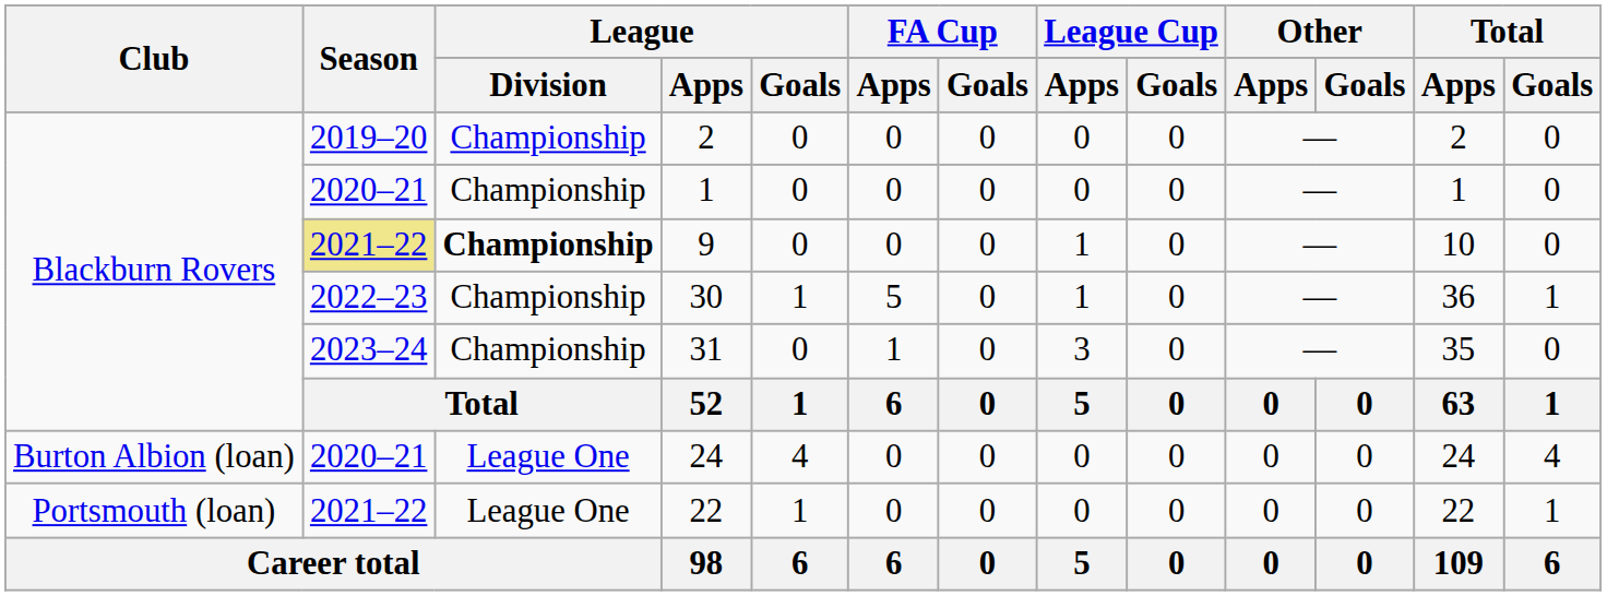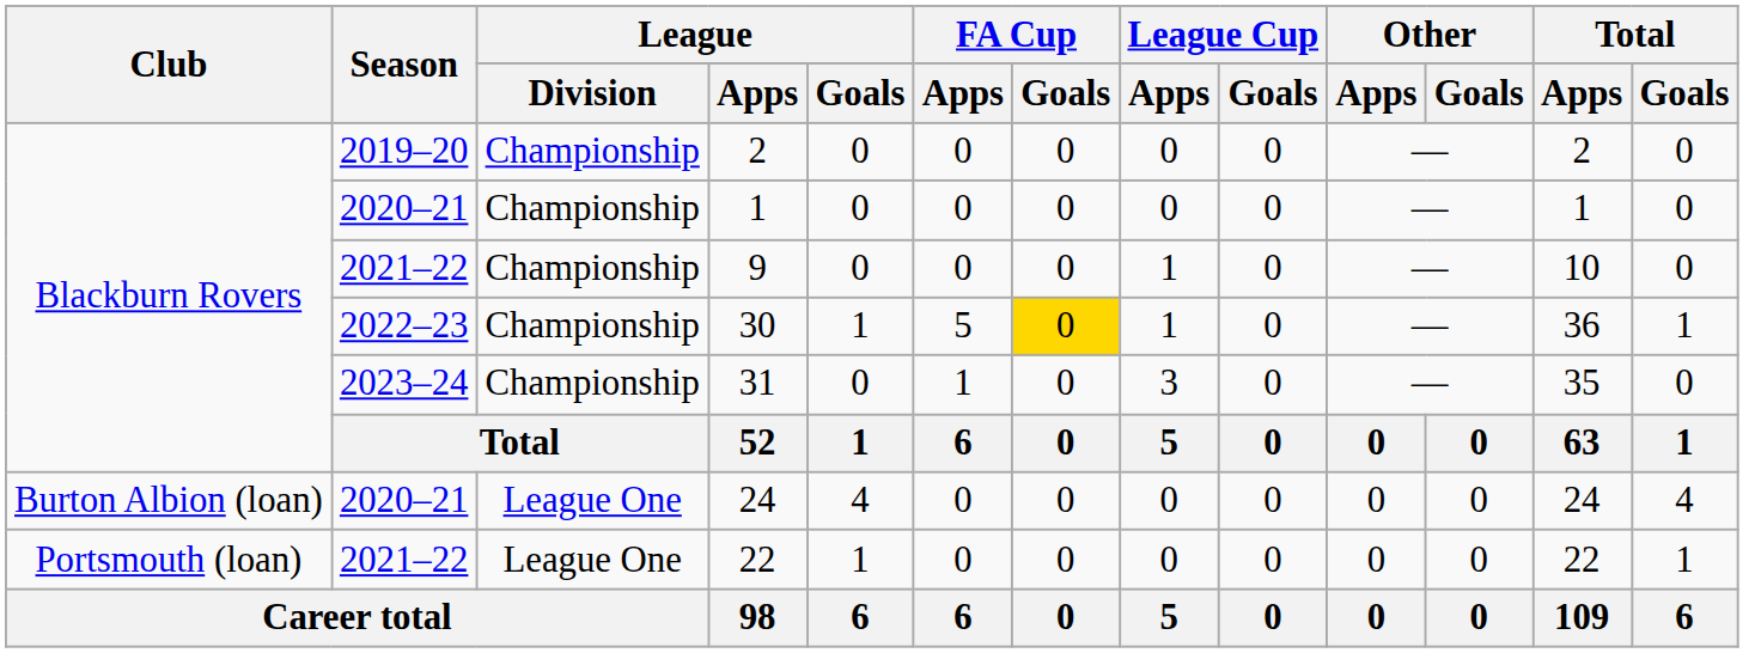 <table class="wikitable" style="text-align:center">
 <tr>
 <th rowspan="2">Club</th>
 <th rowspan="2">Season</th>
 <th colspan="3">League</th>
 <th colspan="2"><a href='#'>FA Cup</a></th>
 <th colspan="2"><a href='#'>League Cup</a></th>
 <th colspan="2">Other</th>
 <th colspan="2">Total</th>
 </tr>
 <tr>
 <th>Division</th>
 <th>Apps</th>
 <th>Goals</th>
 <th>Apps</th>
 <th>Goals</th>
 <th>Apps</th>
 <th>Goals</th>
 <th>Apps</th>
 <th>Goals</th>
 <th>Apps</th>
 <th>Goals</th>
 </tr>
 <tr>
 <td rowspan="6"><a href='#'>Blackburn Rovers</a></td>
 <td><a href='#'>2019–20</a></td>
 <td><a href='#'>Championship</a></td>
 <td>2</td>
 <td>0</td>
 <td>0</td>
 <td>0</td>
 <td>0</td>
 <td>0</td>
 <td colspan=2>—</td>
 <td>2</td>
 <td>0</td>
 </tr>
 <tr>
 <td><a href='#'>2020–21</a></td>
 <td>Championship</td>
 <td>1</td>
 <td>0</td>
 <td>0</td>
 <td>0</td>
 <td>0</td>
 <td>0</td>
 <td colspan=2>—</td>
 <td>1</td>
 <td>0</td>
 </tr>
 <tr>
-<td style="background: khaki;"><a href='#'>2021–22</a></td>
-<td><strong>Championship</strong></td>
+<td><a href='#'>2021–22</a></td>
+<td>Championship</td>
 <td>9</td>
 <td>0</td>
 <td>0</td>
 <td>0</td>
 <td>1</td>
 <td>0</td>
 <td colspan=2>—</td>
 <td>10</td>
 <td>0</td>
 </tr>
 <tr>
 <td><a href='#'>2022–23</a></td>
 <td>Championship</td>
 <td>30</td>
 <td>1</td>
 <td>5</td>
-<td>0</td>
+<td style="background: gold;">0</td>
 <td>1</td>
 <td>0</td>
 <td colspan=2>—</td>
 <td>36</td>
 <td>1</td>
 </tr>
 <tr>
 <td><a href='#'>2023–24</a></td>
 <td>Championship</td>
 <td>31</td>
 <td>0</td>
 <td>1</td>
 <td>0</td>
 <td>3</td>
 <td>0</td>
 <td colspan=2>—</td>
 <td>35</td>
 <td>0</td>
 </tr>
 <tr>
 <th colspan="2">Total</th>
 <th>52</th>
 <th>1</th>
 <th>6</th>
 <th>0</th>
 <th>5</th>
 <th>0</th>
 <th>0</th>
 <th>0</th>
 <th>63</th>
 <th>1</th>
 </tr>
 <tr>
 <td><a href='#'>Burton Albion</a> (loan)</td>
 <td><a href='#'>2020–21</a></td>
 <td><a href='#'>League One</a></td>
 <td>24</td>
 <td>4</td>
 <td>0</td>
 <td>0</td>
 <td>0</td>
 <td>0</td>
 <td>0</td>
 <td>0</td>
 <td>24</td>
 <td>4</td>
 </tr>
 <tr>
 <td><a href='#'>Portsmouth</a> (loan)</td>
 <td><a href='#'>2021–22</a></td>
 <td>League One</td>
 <td>22</td>
 <td>1</td>
 <td>0</td>
 <td>0</td>
 <td>0</td>
 <td>0</td>
 <td>0</td>
 <td>0</td>
 <td>22</td>
 <td>1</td>
 </tr>
 <tr>
 <th colspan="3">Career total</th>
 <th>98</th>
 <th>6</th>
 <th>6</th>
 <th>0</th>
 <th>5</th>
 <th>0</th>
 <th>0</th>
 <th>0</th>
 <th>109</th>
 <th>6</th>
 </tr>
 </table>
